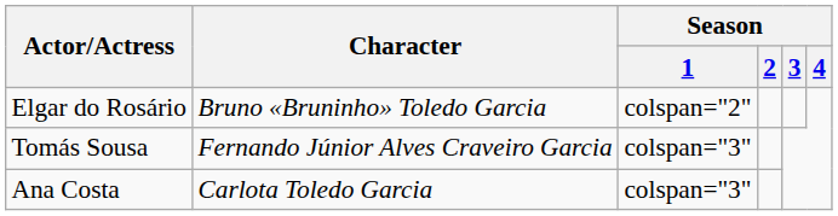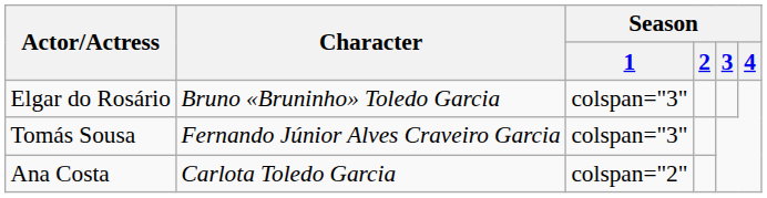 <table class="wikitable sortable">
 <tr>
 <th rowspan="2">Actor/Actress</th>
 <th rowspan="2">Character</th>
 <th colspan="4">Season</th>
 </tr>
 <tr>
 <th><a href='#'>1</a></th>
 <th><a href='#'>2</a></th>
 <th><a href='#'>3</a></th>
 <th><a href='#'>4</a></th>
 </tr>
 <tr>
 <td>Elgar do Rosário</td>
 <td><em>Bruno «Bruninho» Toledo Garcia</em></td>
-<td>colspan="2" </td>
+<td>colspan="3" </td>
 <td></td>
 <td></td>
 </tr>
 <tr>
 <td>Tomás Sousa</td>
 <td><em>Fernando Júnior Alves Craveiro Garcia</em></td>
 <td>colspan="3" </td>
 <td></td>
 </tr>
 <tr>
 <td>Ana Costa</td>
 <td><em>Carlota Toledo Garcia</em></td>
-<td>colspan="3" </td>
+<td>colspan="2" </td>
 <td></td>
 </tr>
 </table>
